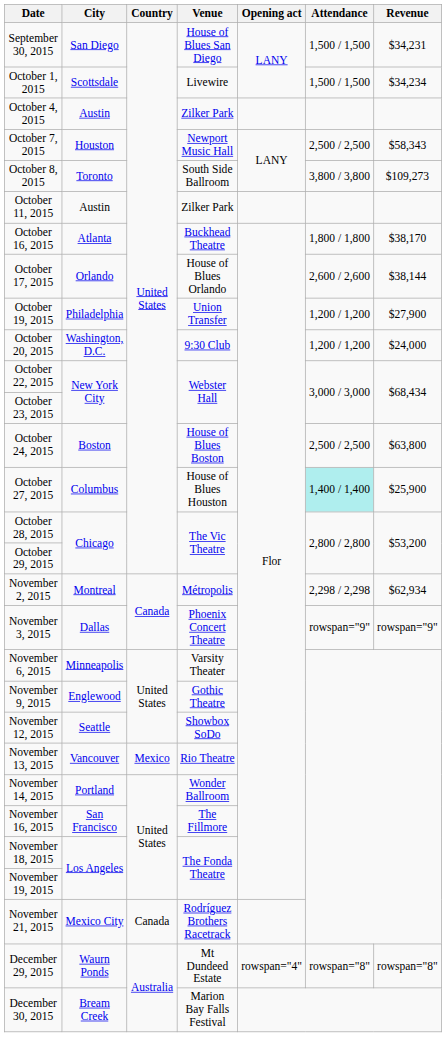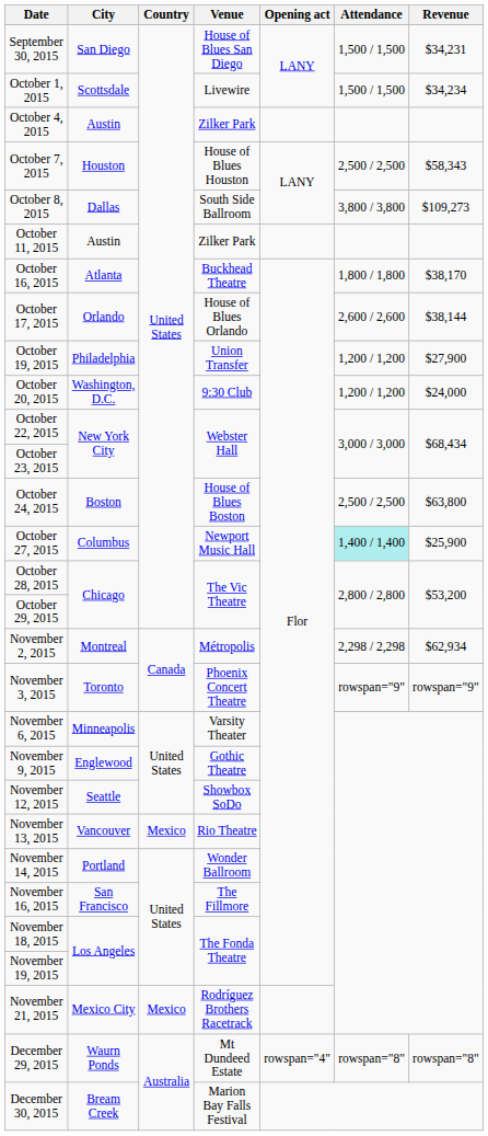 <table class="wikitable" style="text-align:center;">
 <tr>
 <th scope="col" style="width:12em;">Date</th>
 <th scope="col" style="width:10em;">City</th>
 <th scope="col" style="width:10em;">Country</th>
 <th scope="col" style="width:16em;">Venue</th>
 <th scope="col" style="width:10em;">Opening act</th>
 <th scope="col" style="width:10em;">Attendance</th>
 <th scope="col" style="width:10em;">Revenue</th>
 </tr>
 <tr>
 <td>September 30, 2015</td>
 <td><a href='#'>San Diego</a></td>
 <td rowspan="16"><a href='#'>United States</a></td>
 <td><a href='#'>House of Blues San Diego</a></td>
 <td rowspan="2"><a href='#'>LANY</a></td>
 <td>1,500 / 1,500</td>
 <td>$34,231</td>
 </tr>
 <tr>
 <td>October 1, 2015</td>
 <td><a href='#'>Scottsdale</a></td>
 <td>Livewire</td>
 <td>1,500 / 1,500</td>
 <td>$34,234</td>
 </tr>
 <tr>
 <td>October 4, 2015</td>
 <td><a href='#'>Austin</a></td>
 <td><a href='#'>Zilker Park</a></td>
 <td></td>
 <td></td>
 <td></td>
 </tr>
 <tr>
 <td>October 7, 2015</td>
 <td><a href='#'>Houston</a></td>
-<td><a href='#'>Newport Music Hall</a></td>
+<td>House of Blues Houston</td>
 <td rowspan="2">LANY</td>
 <td>2,500 / 2,500</td>
 <td>$58,343</td>
 </tr>
 <tr>
 <td>October 8, 2015</td>
-<td><a href='#'>Toronto</a></td>
+<td><a href='#'>Dallas</a></td>
 <td>South Side Ballroom</td>
 <td>3,800 / 3,800</td>
 <td>$109,273</td>
 </tr>
 <tr>
 <td>October 11, 2015</td>
 <td>Austin</td>
 <td>Zilker Park</td>
 <td></td>
 <td></td>
 <td></td>
 </tr>
 <tr>
 <td>October 16, 2015</td>
 <td><a href='#'>Atlanta</a></td>
 <td><a href='#'>Buckhead Theatre</a></td>
 <td rowspan="20">Flor</td>
 <td>1,800 / 1,800</td>
 <td>$38,170</td>
 </tr>
 <tr>
 <td>October 17, 2015</td>
 <td><a href='#'>Orlando</a></td>
 <td>House of Blues Orlando</td>
 <td>2,600 / 2,600</td>
 <td>$38,144</td>
 </tr>
 <tr>
 <td>October 19, 2015</td>
 <td><a href='#'>Philadelphia</a></td>
 <td><a href='#'>Union Transfer</a></td>
 <td>1,200 / 1,200</td>
 <td>$27,900</td>
 </tr>
 <tr>
 <td>October 20, 2015</td>
 <td><a href='#'>Washington, D.C.</a></td>
 <td><a href='#'>9:30 Club</a></td>
 <td>1,200 / 1,200</td>
 <td>$24,000</td>
 </tr>
 <tr>
 <td>October 22, 2015</td>
 <td rowspan="2"><a href='#'>New York City</a></td>
 <td rowspan="2"><a href='#'>Webster Hall</a></td>
 <td rowspan="2">3,000 / 3,000</td>
 <td rowspan="2">$68,434</td>
 </tr>
 <tr>
 <td>October 23, 2015</td>
 </tr>
 <tr>
 <td>October 24, 2015</td>
 <td><a href='#'>Boston</a></td>
 <td><a href='#'>House of Blues Boston</a></td>
 <td>2,500 / 2,500</td>
 <td>$63,800</td>
 </tr>
 <tr>
 <td>October 27, 2015</td>
 <td><a href='#'>Columbus</a></td>
-<td>House of Blues Houston</td>
+<td><a href='#'>Newport Music Hall</a></td>
 <td style="background: paleturquoise;">1,400 / 1,400</td>
 <td>$25,900</td>
 </tr>
 <tr>
 <td>October 28, 2015</td>
 <td rowspan="2"><a href='#'>Chicago</a></td>
 <td rowspan="2"><a href='#'>The Vic Theatre</a></td>
 <td rowspan="2">2,800 / 2,800</td>
 <td rowspan="2">$53,200</td>
 </tr>
 <tr>
 <td>October 29, 2015</td>
 </tr>
 <tr>
 <td>November 2, 2015</td>
 <td><a href='#'>Montreal</a></td>
 <td rowspan="2"><a href='#'>Canada</a></td>
 <td><a href='#'>Métropolis</a></td>
 <td>2,298 / 2,298</td>
 <td>$62,934</td>
 </tr>
 <tr>
 <td>November 3, 2015</td>
-<td><a href='#'>Dallas</a></td>
+<td><a href='#'>Toronto</a></td>
 <td><a href='#'>Phoenix Concert Theatre</a></td>
 <td>rowspan="9" </td>
 <td>rowspan="9" </td>
 </tr>
 <tr>
 <td>November 6, 2015</td>
 <td><a href='#'>Minneapolis</a></td>
 <td rowspan="3">United States</td>
 <td>Varsity Theater</td>
 </tr>
 <tr>
 <td>November 9, 2015</td>
 <td><a href='#'>Englewood</a></td>
 <td><a href='#'>Gothic Theatre</a></td>
 </tr>
 <tr>
 <td>November 12, 2015</td>
 <td><a href='#'>Seattle</a></td>
 <td><a href='#'>Showbox SoDo</a></td>
 </tr>
 <tr>
 <td>November 13, 2015</td>
 <td><a href='#'>Vancouver</a></td>
 <td><a href='#'>Mexico</a></td>
 <td><a href='#'>Rio Theatre</a></td>
 </tr>
 <tr>
 <td>November 14, 2015</td>
 <td><a href='#'>Portland</a></td>
 <td rowspan="4">United States</td>
 <td><a href='#'>Wonder Ballroom</a></td>
 </tr>
 <tr>
 <td>November 16, 2015</td>
 <td><a href='#'>San Francisco</a></td>
 <td><a href='#'>The Fillmore</a></td>
 </tr>
 <tr>
 <td>November 18, 2015</td>
 <td rowspan="2"><a href='#'>Los Angeles</a></td>
 <td rowspan="2"><a href='#'>The Fonda Theatre</a></td>
 </tr>
 <tr>
 <td>November 19, 2015</td>
 </tr>
 <tr>
 <td>November 21, 2015</td>
 <td><a href='#'>Mexico City</a></td>
-<td>Canada</td>
+<td><a href='#'>Mexico</a></td>
 <td><a href='#'>Rodríguez Brothers Racetrack</a></td>
 <td></td>
 </tr>
 <tr>
 <td>December 29, 2015</td>
 <td><a href='#'>Waurn Ponds</a></td>
 <td rowspan="2"><a href='#'>Australia</a></td>
 <td>Mt Dundeed Estate</td>
 <td>rowspan="4" </td>
 <td>rowspan="8" </td>
 <td>rowspan="8" </td>
 </tr>
 <tr>
 <td>December 30, 2015</td>
 <td><a href='#'>Bream Creek</a></td>
 <td>Marion Bay Falls Festival</td>
 </tr>
 </table>
